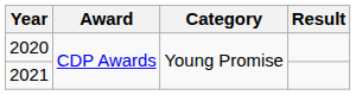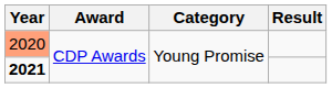 <table class="wikitable">
 <tr>
 <th>Year</th>
 <th>Award</th>
 <th>Category</th>
 <th>Result</th>
 </tr>
 <tr>
-<td>2020</td>
+<td style="background: lightsalmon;">2020</td>
 <td rowspan="2"><a href='#'>CDP Awards</a></td>
 <td rowspan="2">Young Promise</td>
 <td></td>
 </tr>
 <tr>
-<td>2021</td>
+<td><strong>2021</strong></td>
 <td></td>
 </tr>
 </table>
